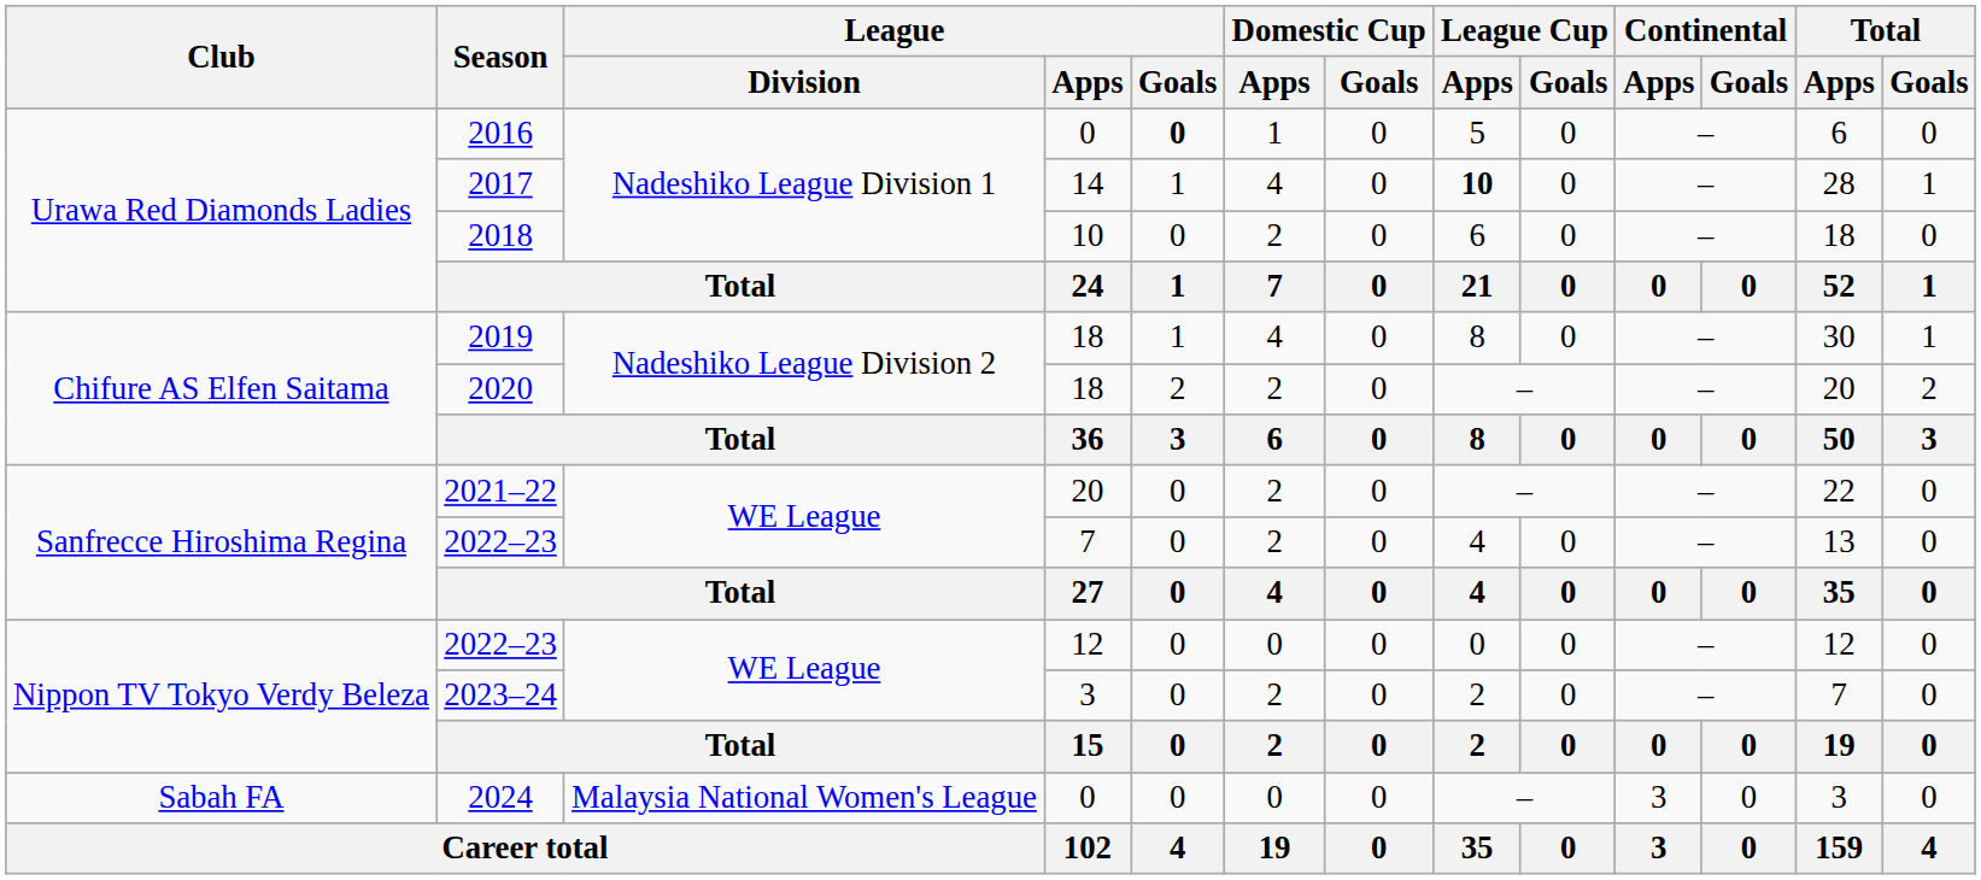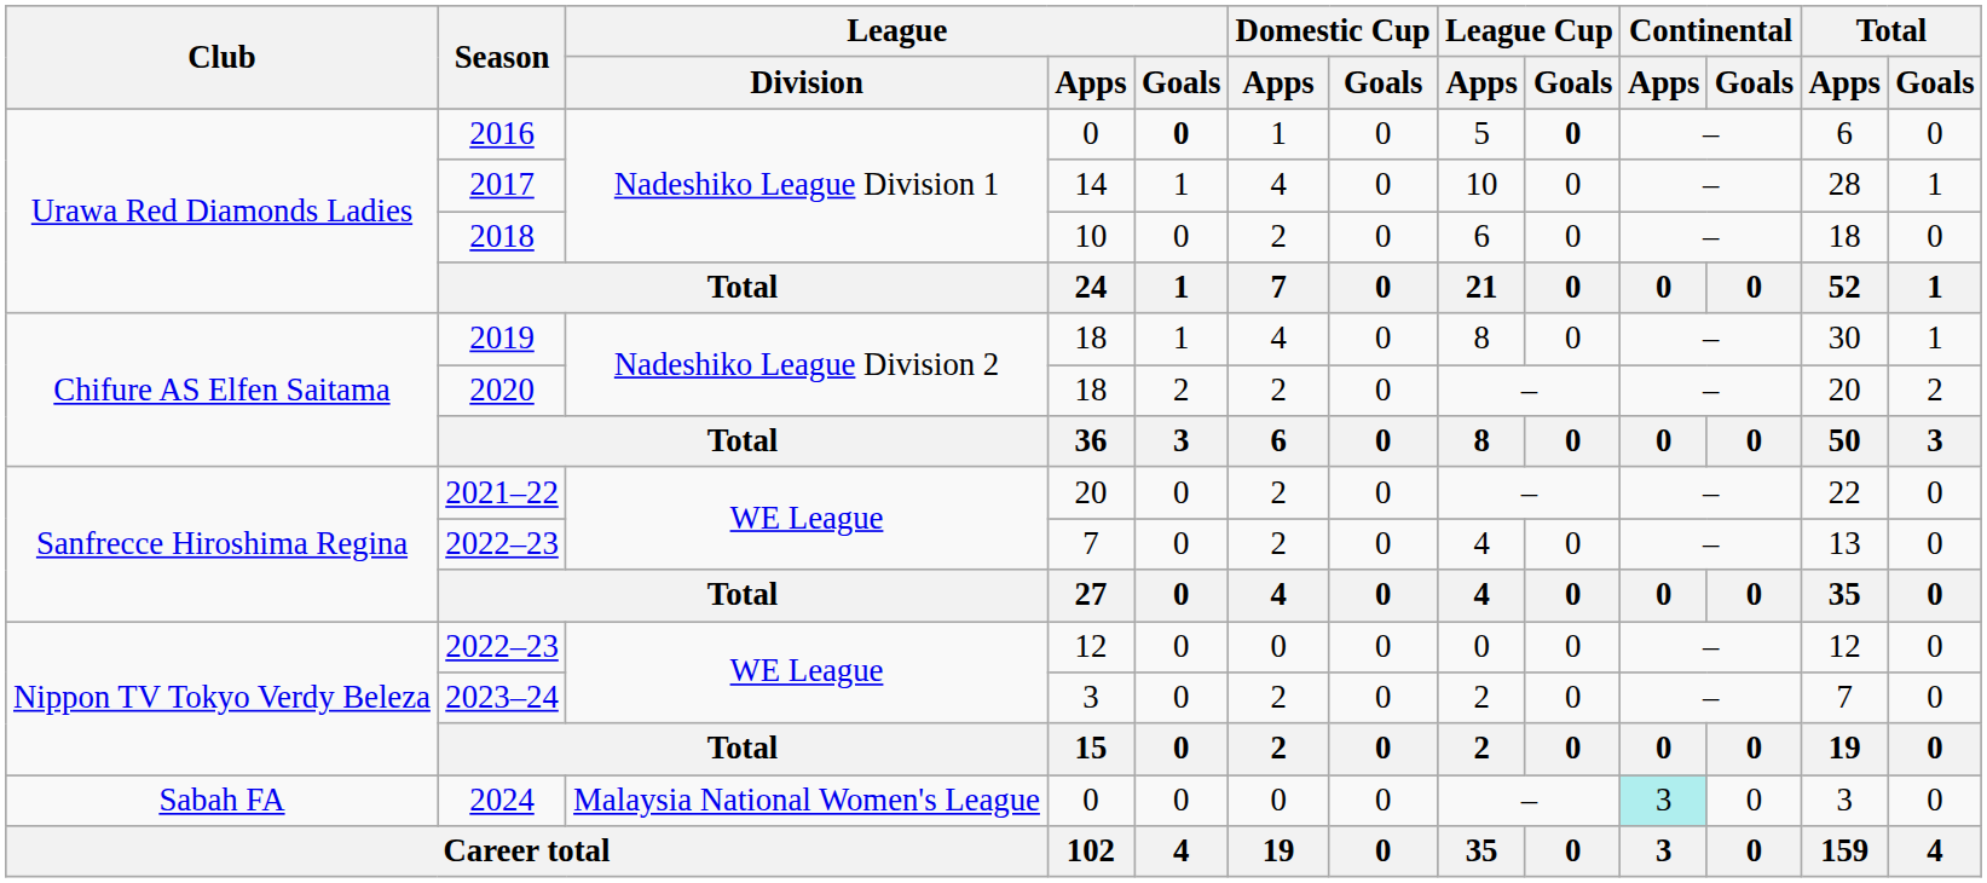 <table class="wikitable" style="text-align: center">
 <tr>
 <th rowspan="2">Club</th>
 <th rowspan="2">Season</th>
 <th colspan="3">League</th>
 <th colspan="2">Domestic Cup</th>
 <th colspan="2">League Cup</th>
 <th colspan="2">Continental</th>
 <th colspan="2">Total</th>
 </tr>
 <tr>
 <th>Division</th>
 <th>Apps</th>
 <th>Goals</th>
 <th>Apps</th>
 <th>Goals</th>
 <th>Apps</th>
 <th>Goals</th>
 <th>Apps</th>
 <th>Goals</th>
 <th>Apps</th>
 <th>Goals</th>
 </tr>
 <tr>
 <td rowspan=4><a href='#'>Urawa Red Diamonds Ladies</a></td>
 <td><a href='#'>2016</a></td>
 <td rowspan=3><a href='#'>Nadeshiko League</a> Division 1</td>
 <td>0</td>
 <td><strong>0</strong></td>
 <td>1</td>
 <td>0</td>
 <td>5</td>
-<td>0</td>
+<td><strong>0</strong></td>
 <td colspan="2">–</td>
 <td>6</td>
 <td>0</td>
 </tr>
 <tr>
 <td><a href='#'>2017</a></td>
 <td>14</td>
 <td>1</td>
 <td>4</td>
 <td>0</td>
-<td><strong>10</strong></td>
+<td>10</td>
 <td>0</td>
 <td colspan="2">–</td>
 <td>28</td>
 <td>1</td>
 </tr>
 <tr>
 <td><a href='#'>2018</a></td>
 <td>10</td>
 <td>0</td>
 <td>2</td>
 <td>0</td>
 <td>6</td>
 <td>0</td>
 <td colspan="2">–</td>
 <td>18</td>
 <td>0</td>
 </tr>
 <tr>
 <th colspan="2"><strong>Total</strong></th>
 <th>24</th>
 <th>1</th>
 <th>7</th>
 <th>0</th>
 <th>21</th>
 <th>0</th>
 <th>0</th>
 <th>0</th>
 <th>52</th>
 <th>1</th>
 </tr>
 <tr>
 <td rowspan=3><a href='#'>Chifure AS Elfen Saitama</a></td>
 <td><a href='#'>2019</a></td>
 <td rowspan=2><a href='#'>Nadeshiko League</a> Division 2</td>
 <td>18</td>
 <td>1</td>
 <td>4</td>
 <td>0</td>
 <td>8</td>
 <td>0</td>
 <td colspan="2">–</td>
 <td>30</td>
 <td>1</td>
 </tr>
 <tr>
 <td><a href='#'>2020</a></td>
 <td>18</td>
 <td>2</td>
 <td>2</td>
 <td>0</td>
 <td colspan="2">–</td>
 <td colspan="2">–</td>
 <td>20</td>
 <td>2</td>
 </tr>
 <tr>
 <th colspan="2"><strong>Total</strong></th>
 <th>36</th>
 <th>3</th>
 <th>6</th>
 <th>0</th>
 <th>8</th>
 <th>0</th>
 <th>0</th>
 <th>0</th>
 <th>50</th>
 <th>3</th>
 </tr>
 <tr>
 <td rowspan=3><a href='#'>Sanfrecce Hiroshima Regina</a></td>
 <td><a href='#'>2021–22</a></td>
 <td rowspan=2><a href='#'>WE League</a></td>
 <td>20</td>
 <td>0</td>
 <td>2</td>
 <td>0</td>
 <td colspan="2">–</td>
 <td colspan="2">–</td>
 <td>22</td>
 <td>0</td>
 </tr>
 <tr>
 <td><a href='#'>2022–23</a></td>
 <td>7</td>
 <td>0</td>
 <td>2</td>
 <td>0</td>
 <td>4</td>
 <td>0</td>
 <td colspan="2">–</td>
 <td>13</td>
 <td>0</td>
 </tr>
 <tr>
 <th colspan="2"><strong>Total</strong></th>
 <th>27</th>
 <th>0</th>
 <th>4</th>
 <th>0</th>
 <th>4</th>
 <th>0</th>
 <th>0</th>
 <th>0</th>
 <th>35</th>
 <th>0</th>
 </tr>
 <tr>
 <td rowspan=3><a href='#'>Nippon TV Tokyo Verdy Beleza</a></td>
 <td><a href='#'>2022–23</a></td>
 <td rowspan=2><a href='#'>WE League</a></td>
 <td>12</td>
 <td>0</td>
 <td>0</td>
 <td>0</td>
 <td>0</td>
 <td>0</td>
 <td colspan="2">–</td>
 <td>12</td>
 <td>0</td>
 </tr>
 <tr>
 <td><a href='#'>2023–24</a></td>
 <td>3</td>
 <td>0</td>
 <td>2</td>
 <td>0</td>
 <td>2</td>
 <td>0</td>
 <td colspan="2">–</td>
 <td>7</td>
 <td>0</td>
 </tr>
 <tr>
 <th colspan="2"><strong>Total</strong></th>
 <th>15</th>
 <th>0</th>
 <th>2</th>
 <th>0</th>
 <th>2</th>
 <th>0</th>
 <th>0</th>
 <th>0</th>
 <th>19</th>
 <th>0</th>
 </tr>
 <tr>
 <td><a href='#'>Sabah FA</a></td>
 <td><a href='#'>2024</a></td>
 <td><a href='#'>Malaysia National Women's League</a></td>
 <td>0</td>
 <td>0</td>
 <td>0</td>
 <td>0</td>
 <td colspan="2">–</td>
-<td>3</td>
+<td style="background: paleturquoise;">3</td>
 <td>0</td>
 <td>3</td>
 <td>0</td>
 </tr>
 <tr>
 <th colspan="3"><strong>Career total</strong></th>
 <th>102</th>
 <th>4</th>
 <th>19</th>
 <th>0</th>
 <th>35</th>
 <th>0</th>
 <th>3</th>
 <th>0</th>
 <th>159</th>
 <th>4</th>
 </tr>
 </table>
